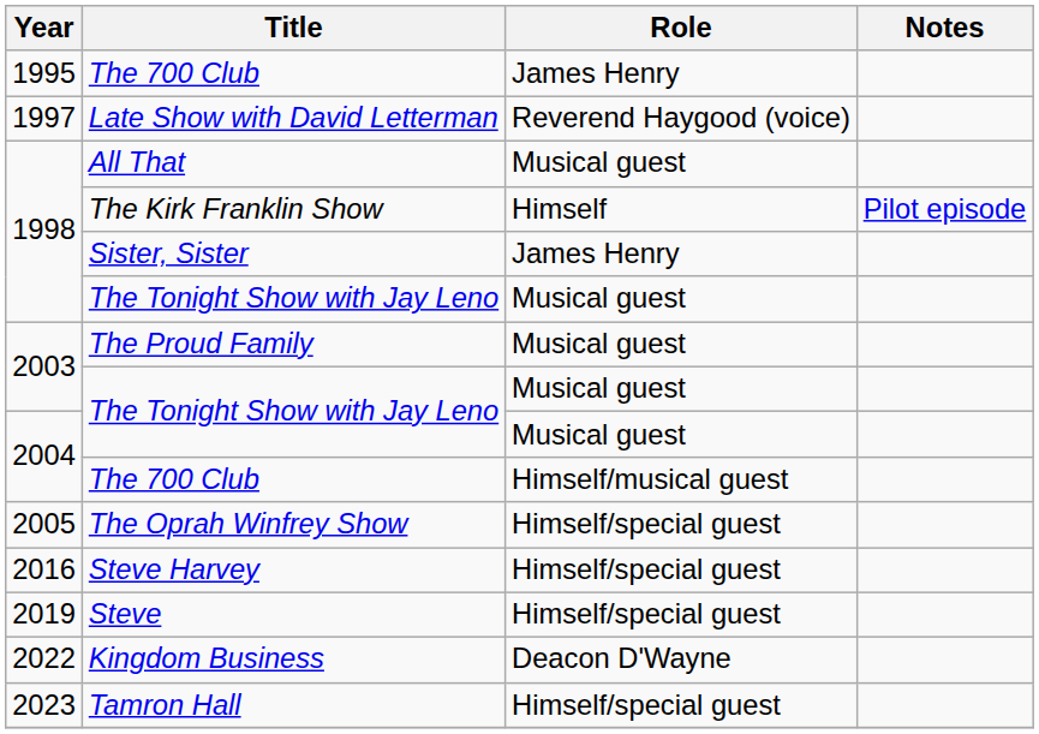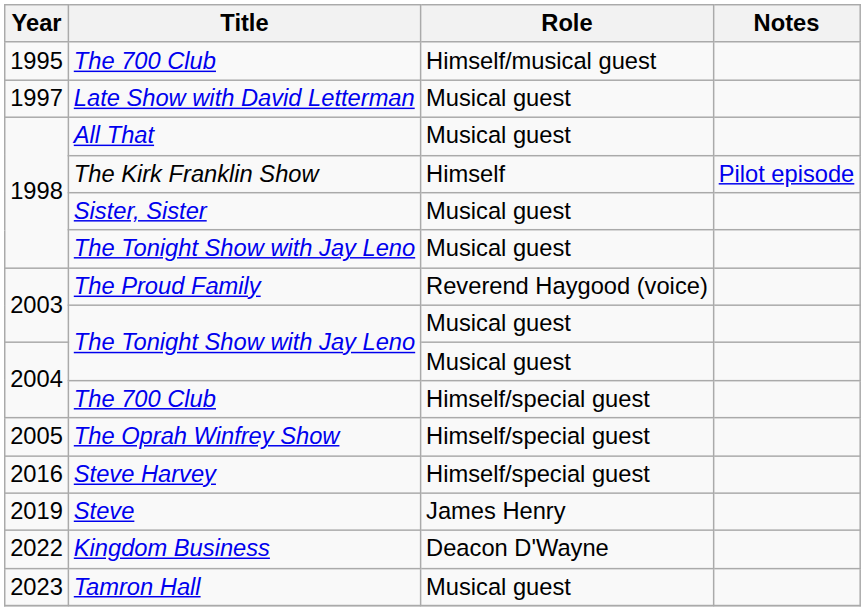 <table class="wikitable sortable">
 <tr>
 <th>Year</th>
 <th>Title</th>
 <th>Role</th>
 <th>Notes</th>
 </tr>
 <tr>
 <td rowspan="1">1995</td>
 <td><em><a href='#'>The 700 Club</a></em></td>
-<td>James Henry</td>
+<td>Himself/musical guest</td>
 <td></td>
 </tr>
 <tr>
 <td rowspan="1">1997</td>
 <td><em><a href='#'>Late Show with David Letterman</a></em></td>
-<td>Reverend Haygood (voice)</td>
+<td>Musical guest</td>
 <td></td>
 </tr>
 <tr>
 <td rowspan="4”">1998</td>
 <td><em><a href='#'>All That</a></em></td>
 <td>Musical guest</td>
 <td></td>
 </tr>
 <tr>
 <td><em>The Kirk Franklin Show</em></td>
 <td>Himself</td>
 <td><a href='#'>Pilot episode</a></td>
 </tr>
 <tr>
 <td><em><a href='#'>Sister, Sister</a></em></td>
-<td>James Henry</td>
+<td>Musical guest</td>
 <td></td>
 </tr>
 <tr>
 <td><em><a href='#'>The Tonight Show with Jay Leno</a></em></td>
 <td>Musical guest</td>
 <td></td>
 </tr>
 <tr>
 <td rowspan="2">2003</td>
 <td><em><a href='#'>The Proud Family</a></em></td>
-<td>Musical guest</td>
+<td>Reverend Haygood (voice)</td>
 <td></td>
 </tr>
 <tr>
 <td rowspan="2"><em><a href='#'>The Tonight Show with Jay Leno</a></em></td>
 <td>Musical guest</td>
 <td></td>
 </tr>
 <tr>
 <td rowspan="2">2004</td>
 <td>Musical guest</td>
 <td></td>
 </tr>
 <tr>
 <td><em><a href='#'>The 700 Club</a></em></td>
-<td>Himself/musical guest</td>
+<td>Himself/special guest</td>
 <td></td>
 </tr>
 <tr>
 <td rowspan="1">2005</td>
 <td><em><a href='#'>The Oprah Winfrey Show</a></em></td>
 <td>Himself/special guest</td>
 <td></td>
 </tr>
 <tr>
 <td rowspan="1">2016</td>
 <td><em><a href='#'>Steve Harvey</a></em></td>
 <td>Himself/special guest</td>
 <td></td>
 </tr>
 <tr>
 <td rowspan="1">2019</td>
 <td><em><a href='#'>Steve</a></em></td>
-<td>Himself/special guest</td>
+<td>James Henry</td>
 <td></td>
 </tr>
 <tr>
 <td>2022</td>
 <td><em><a href='#'>Kingdom Business</a></em></td>
 <td>Deacon D'Wayne</td>
 <td></td>
 </tr>
 <tr>
 <td>2023</td>
 <td><em><a href='#'>Tamron Hall</a></em></td>
-<td>Himself/special guest</td>
+<td>Musical guest</td>
 <td></td>
 </tr>
 <tr>
 </tr>
 </table>
